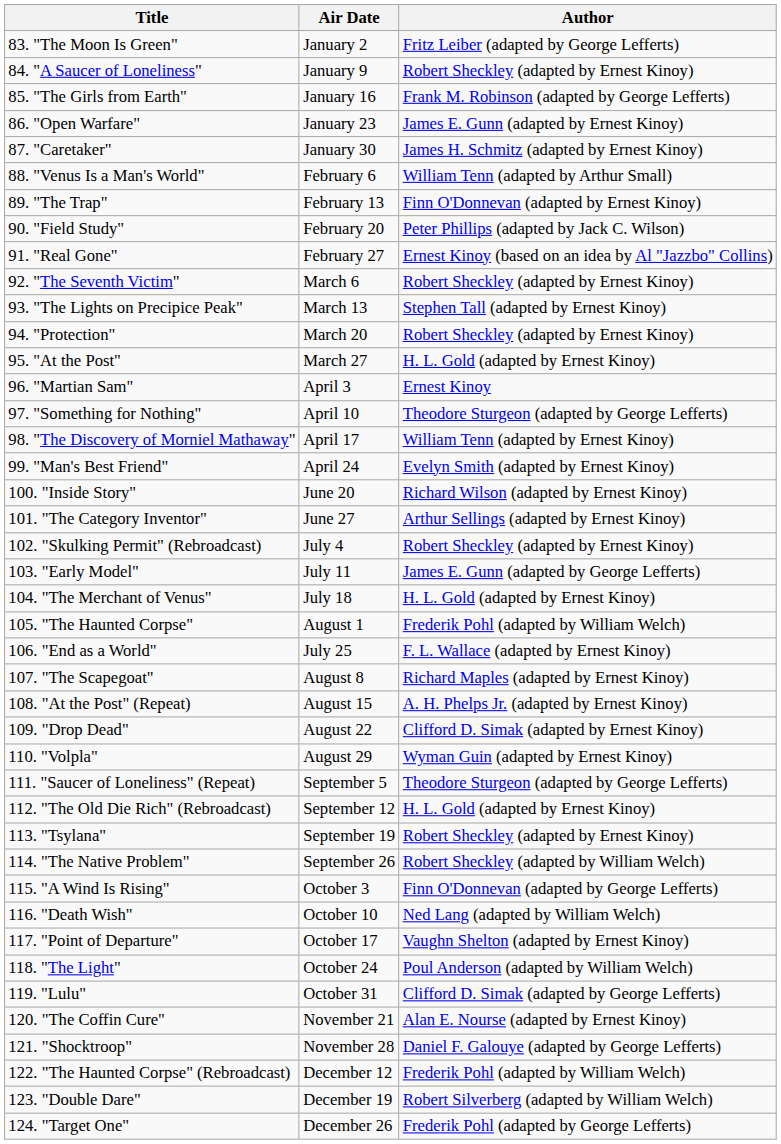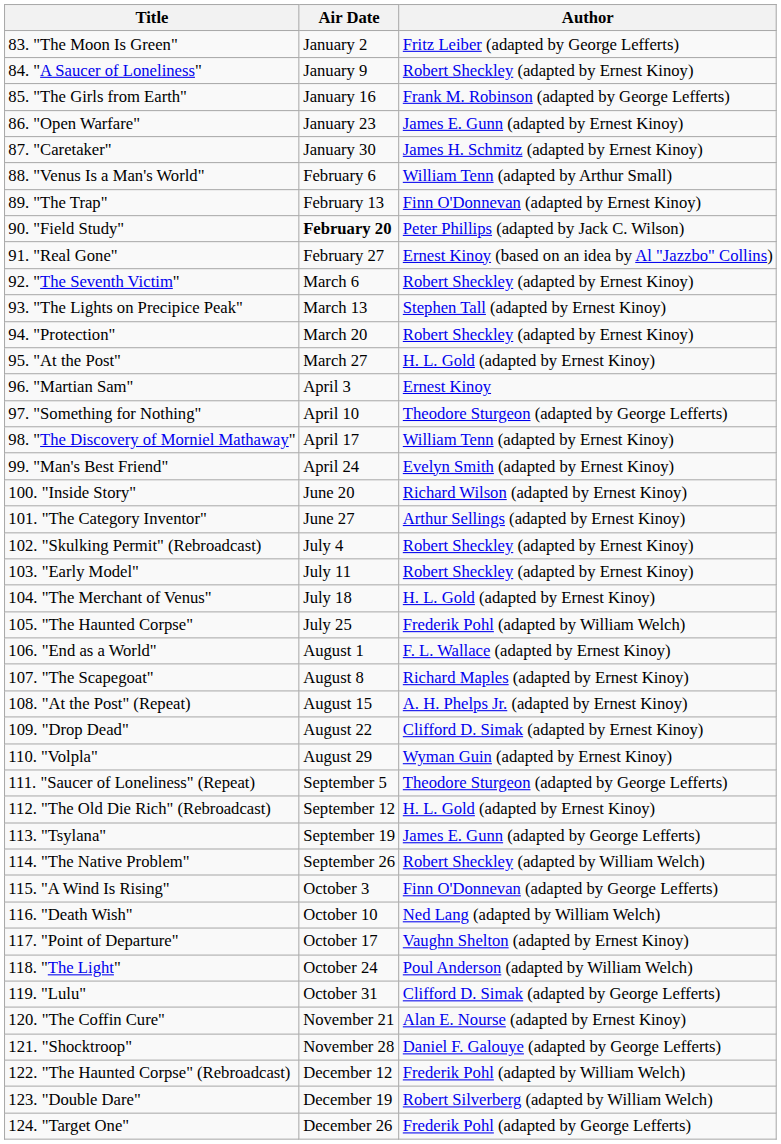 <table class="wikitable">
 <tr>
 <th>Title</th>
 <th>Air Date</th>
 <th>Author</th>
 </tr>
 <tr>
 <td>83. "The Moon Is Green"</td>
 <td>January 2</td>
 <td><a href='#'>Fritz Leiber</a> (adapted by George Lefferts)</td>
 </tr>
 <tr>
 <td>84. "<a href='#'>A Saucer of Loneliness</a>"</td>
 <td>January 9</td>
 <td><a href='#'>Robert Sheckley</a> (adapted by Ernest Kinoy)</td>
 </tr>
 <tr>
 <td>85. "The Girls from Earth"</td>
 <td>January 16</td>
 <td><a href='#'>Frank M. Robinson</a> (adapted by George Lefferts)</td>
 </tr>
 <tr>
 <td>86. "Open Warfare"</td>
 <td>January 23</td>
 <td><a href='#'>James E. Gunn</a> (adapted by Ernest Kinoy)</td>
 </tr>
 <tr>
 <td>87. "Caretaker"</td>
 <td>January 30</td>
 <td><a href='#'>James H. Schmitz</a> (adapted by Ernest Kinoy)</td>
 </tr>
 <tr>
 <td>88. "Venus Is a Man's World"</td>
 <td>February 6</td>
 <td><a href='#'>William Tenn</a> (adapted by Arthur Small)</td>
 </tr>
 <tr>
 <td>89. "The Trap"</td>
 <td>February 13</td>
 <td><a href='#'>Finn O'Donnevan</a> (adapted by Ernest Kinoy)</td>
 </tr>
 <tr>
 <td>90. "Field Study"</td>
-<td>February 20</td>
+<td><strong>February 20</strong></td>
 <td><a href='#'>Peter Phillips</a> (adapted by Jack C. Wilson)</td>
 </tr>
 <tr>
 <td>91. "Real Gone"</td>
 <td>February 27</td>
 <td><a href='#'>Ernest Kinoy</a> (based on an idea by <a href='#'>Al "Jazzbo" Collins</a>)</td>
 </tr>
 <tr>
 <td>92. "<a href='#'>The Seventh Victim</a>"</td>
 <td>March 6</td>
 <td><a href='#'>Robert Sheckley</a> (adapted by Ernest Kinoy)</td>
 </tr>
 <tr>
 <td>93. "The Lights on Precipice Peak"</td>
 <td>March 13</td>
 <td><a href='#'>Stephen Tall</a> (adapted by Ernest Kinoy)</td>
 </tr>
 <tr>
 <td>94. "Protection"</td>
 <td>March 20</td>
 <td><a href='#'>Robert Sheckley</a> (adapted by Ernest Kinoy)</td>
 </tr>
 <tr>
 <td>95. "At the Post"</td>
 <td>March 27</td>
 <td><a href='#'>H. L. Gold</a> (adapted by Ernest Kinoy)</td>
 </tr>
 <tr>
 <td>96. "Martian Sam"</td>
 <td>April 3</td>
 <td><a href='#'>Ernest Kinoy</a></td>
 </tr>
 <tr>
 <td>97. "Something for Nothing"</td>
 <td>April 10</td>
 <td><a href='#'>Theodore Sturgeon</a> (adapted by George Lefferts)</td>
 </tr>
 <tr>
 <td>98. "<a href='#'>The Discovery of Morniel Mathaway</a>"</td>
 <td>April 17</td>
 <td><a href='#'>William Tenn</a> (adapted by Ernest Kinoy)</td>
 </tr>
 <tr>
 <td>99. "Man's Best Friend"</td>
 <td>April 24</td>
 <td><a href='#'>Evelyn Smith</a> (adapted by Ernest Kinoy)</td>
 </tr>
 <tr>
 <td>100. "Inside Story"</td>
 <td>June 20</td>
 <td><a href='#'>Richard Wilson</a> (adapted by Ernest Kinoy)</td>
 </tr>
 <tr>
 <td>101. "The Category Inventor"</td>
 <td>June 27</td>
 <td><a href='#'>Arthur Sellings</a> (adapted by Ernest Kinoy)</td>
 </tr>
 <tr>
 <td>102. "Skulking Permit" (Rebroadcast)</td>
 <td>July 4</td>
 <td><a href='#'>Robert Sheckley</a> (adapted by Ernest Kinoy)</td>
 </tr>
 <tr>
 <td>103. "Early Model"</td>
 <td>July 11</td>
-<td><a href='#'>James E. Gunn</a> (adapted by George Lefferts)</td>
+<td><a href='#'>Robert Sheckley</a> (adapted by Ernest Kinoy)</td>
 </tr>
 <tr>
 <td>104. "The Merchant of Venus"</td>
 <td>July 18</td>
 <td><a href='#'>H. L. Gold</a> (adapted by Ernest Kinoy)</td>
 </tr>
 <tr>
 <td>105. "The Haunted Corpse"</td>
-<td>August 1</td>
+<td>July 25</td>
 <td><a href='#'>Frederik Pohl</a> (adapted by William Welch)</td>
 </tr>
 <tr>
 <td>106. "End as a World"</td>
-<td>July 25</td>
+<td>August 1</td>
 <td><a href='#'>F. L. Wallace</a> (adapted by Ernest Kinoy)</td>
 </tr>
 <tr>
 <td>107. "The Scapegoat"</td>
 <td>August 8</td>
 <td><a href='#'>Richard Maples</a> (adapted by Ernest Kinoy)</td>
 </tr>
 <tr>
 <td>108. "At the Post" (Repeat)</td>
 <td>August 15</td>
 <td><a href='#'>A. H. Phelps Jr.</a> (adapted by Ernest Kinoy)</td>
 </tr>
 <tr>
 <td>109. "Drop Dead"</td>
 <td>August 22</td>
 <td><a href='#'>Clifford D. Simak</a> (adapted by Ernest Kinoy)</td>
 </tr>
 <tr>
 <td>110. "Volpla"</td>
 <td>August 29</td>
 <td><a href='#'>Wyman Guin</a> (adapted by Ernest Kinoy)</td>
 </tr>
 <tr>
 <td>111. "Saucer of Loneliness" (Repeat)</td>
 <td>September 5</td>
 <td><a href='#'>Theodore Sturgeon</a> (adapted by George Lefferts)</td>
 </tr>
 <tr>
 <td>112. "The Old Die Rich" (Rebroadcast)</td>
 <td>September 12</td>
 <td><a href='#'>H. L. Gold</a> (adapted by Ernest Kinoy)</td>
 </tr>
 <tr>
 <td>113. "Tsylana"</td>
 <td>September 19</td>
-<td><a href='#'>Robert Sheckley</a> (adapted by Ernest Kinoy)</td>
+<td><a href='#'>James E. Gunn</a> (adapted by George Lefferts)</td>
 </tr>
 <tr>
 <td>114. "The Native Problem"</td>
 <td>September 26</td>
 <td><a href='#'>Robert Sheckley</a> (adapted by William Welch)</td>
 </tr>
 <tr>
 <td>115. "A Wind Is Rising"</td>
 <td>October 3</td>
 <td><a href='#'>Finn O'Donnevan</a> (adapted by George Lefferts)</td>
 </tr>
 <tr>
 <td>116. "Death Wish"</td>
 <td>October 10</td>
 <td><a href='#'>Ned Lang</a> (adapted by William Welch)</td>
 </tr>
 <tr>
 <td>117. "Point of Departure"</td>
 <td>October 17</td>
 <td><a href='#'>Vaughn Shelton</a> (adapted by Ernest Kinoy)</td>
 </tr>
 <tr>
 <td>118. "<a href='#'>The Light</a>"</td>
 <td>October 24</td>
 <td><a href='#'>Poul Anderson</a> (adapted by William Welch)</td>
 </tr>
 <tr>
 <td>119. "Lulu"</td>
 <td>October 31</td>
 <td><a href='#'>Clifford D. Simak</a> (adapted by George Lefferts)</td>
 </tr>
 <tr>
 <td>120. "The Coffin Cure"</td>
 <td>November 21</td>
 <td><a href='#'>Alan E. Nourse</a> (adapted by Ernest Kinoy)</td>
 </tr>
 <tr>
 <td>121. "Shocktroop"</td>
 <td>November 28</td>
 <td><a href='#'>Daniel F. Galouye</a> (adapted by George Lefferts)</td>
 </tr>
 <tr>
 <td>122. "The Haunted Corpse" (Rebroadcast)</td>
 <td>December 12</td>
 <td><a href='#'>Frederik Pohl</a> (adapted by William Welch)</td>
 </tr>
 <tr>
 <td>123. "Double Dare"</td>
 <td>December 19</td>
 <td><a href='#'>Robert Silverberg</a> (adapted by William Welch)</td>
 </tr>
 <tr>
 <td>124. "Target One"</td>
 <td>December 26</td>
 <td><a href='#'>Frederik Pohl</a> (adapted by George Lefferts)</td>
 </tr>
 </table>
